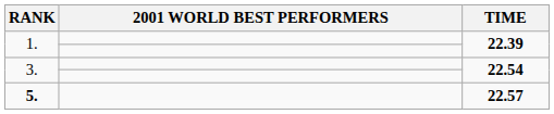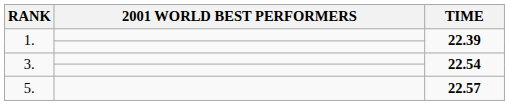 <table class="wikitable" style="border-collapse: collapse; font-size: 90%;">
 <tr>
 <th>RANK</th>
 <th align="center" style="width: 25em">2001 WORLD BEST PERFORMERS</th>
 <th align="center" style="width: 5em">TIME</th>
 </tr>
 <tr>
 <td rowspan=2 align="center">1.</td>
 <td></td>
 <td rowspan=2 align="center"><strong>22.39</strong></td>
 </tr>
 <tr>
 <td></td>
 </tr>
 <tr>
 <td rowspan=2 align="center">3.</td>
 <td></td>
 <td rowspan=2 align="center"><strong>22.54</strong></td>
 </tr>
 <tr>
 <td></td>
 </tr>
 <tr>
-<td align="center"><strong>5.</strong></td>
+<td align="center">5.</td>
 <td></td>
 <td align="center"><strong>22.57</strong></td>
 </tr>
 </table>
